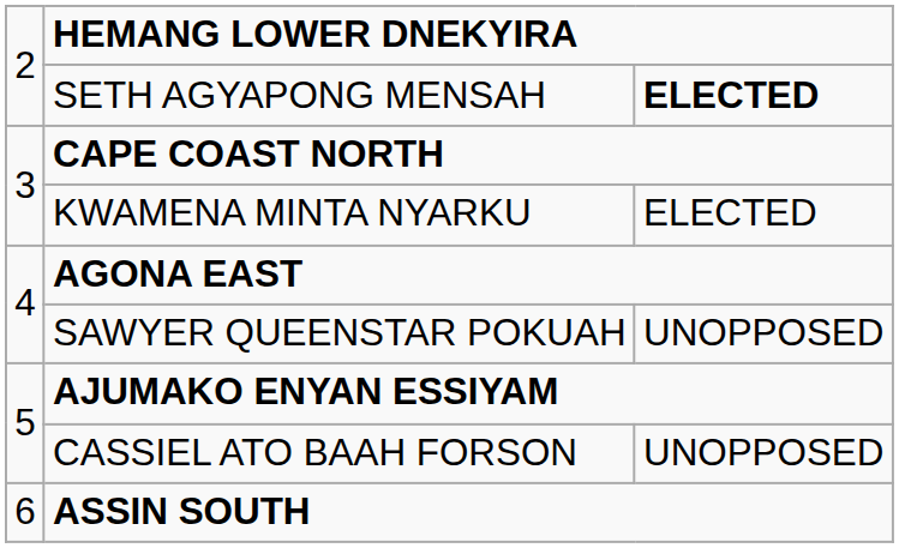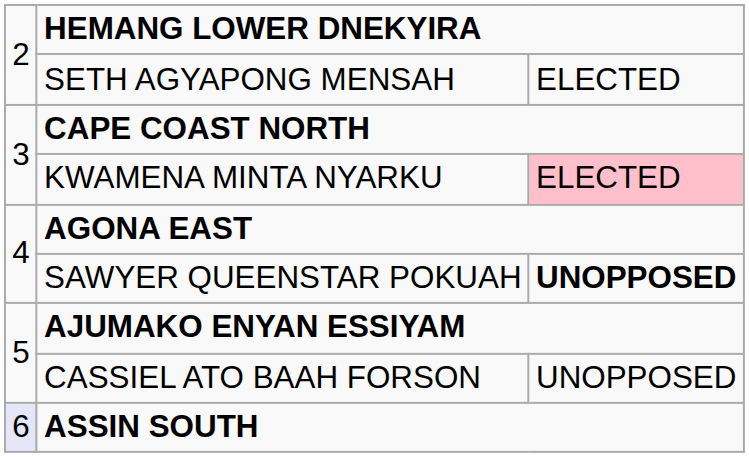 <table class="wikitable">
 <tr>
 <td rowspan="2">2</td>
 <td colspan="2"><strong>HEMANG LOWER DNEKYIRA</strong></td>
 </tr>
 <tr>
 <td>SETH AGYAPONG MENSAH</td>
-<td><strong>ELECTED</strong></td>
+<td>ELECTED</td>
 </tr>
 <tr>
 <td rowspan="2">3</td>
 <td colspan="2"><strong>CAPE COAST NORTH</strong></td>
 </tr>
 <tr>
 <td>KWAMENA MINTA NYARKU</td>
-<td>ELECTED</td>
+<td style="background: pink;">ELECTED</td>
 </tr>
 <tr>
 <td rowspan="2">4</td>
 <td colspan="2"><strong>AGONA EAST</strong></td>
 </tr>
 <tr>
 <td>SAWYER QUEENSTAR POKUAH</td>
-<td>UNOPPOSED</td>
+<td><strong>UNOPPOSED</strong></td>
 </tr>
 <tr>
 <td rowspan="2">5</td>
 <td colspan="2"><strong>AJUMAKO ENYAN ESSIYAM</strong></td>
 </tr>
 <tr>
 <td>CASSIEL ATO BAAH FORSON</td>
 <td>UNOPPOSED</td>
 </tr>
 <tr>
-<td>6</td>
+<td style="background: lavender;">6</td>
 <td colspan="2"><strong>ASSIN SOUTH</strong></td>
 </tr>
 </table>
